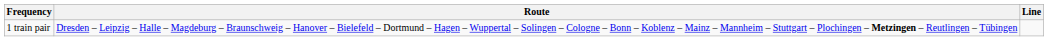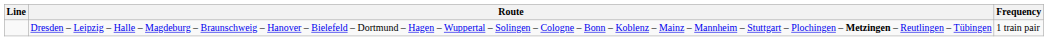 <table class="wikitable">
 <tr>
+<th>Line</th>
+<th>Route</th>
 <th>Frequency</th>
-<th>Route</th>
-<th>Line</th>
 </tr>
 <tr>
+<td></td>
+<td><a href='#'>Dresden</a> – <a href='#'>Leipzig</a> – <a href='#'>Halle</a> – <a href='#'>Magdeburg</a> – <a href='#'>Braunschweig</a> – <a href='#'>Hanover</a> – <a href='#'>Bielefeld</a> – Dortmund – <a href='#'>Hagen</a> – <a href='#'>Wuppertal</a> – <a href='#'>Solingen</a> – <a href='#'>Cologne</a> – <a href='#'>Bonn</a> – <a href='#'>Koblenz</a> – <a href='#'>Mainz</a> – <a href='#'>Mannheim</a> – <a href='#'>Stuttgart</a> – <a href='#'>Plochingen</a> – <strong>Metzingen </strong> – <a href='#'>Reutlingen</a> – <a href='#'>Tübingen</a></td>
 <td>1 train pair</td>
-<td><a href='#'>Dresden</a> – <a href='#'>Leipzig</a> – <a href='#'>Halle</a> – <a href='#'>Magdeburg</a> – <a href='#'>Braunschweig</a> – <a href='#'>Hanover</a> – <a href='#'>Bielefeld</a> – Dortmund – <a href='#'>Hagen</a> – <a href='#'>Wuppertal</a> – <a href='#'>Solingen</a> – <a href='#'>Cologne</a> – <a href='#'>Bonn</a> – <a href='#'>Koblenz</a> – <a href='#'>Mainz</a> – <a href='#'>Mannheim</a> – <a href='#'>Stuttgart</a> – <a href='#'>Plochingen</a> – <strong>Metzingen </strong> – <a href='#'>Reutlingen</a> – <a href='#'>Tübingen</a></td>
-<td></td>
 </tr>
 </table>
